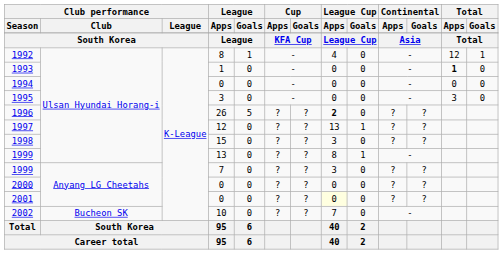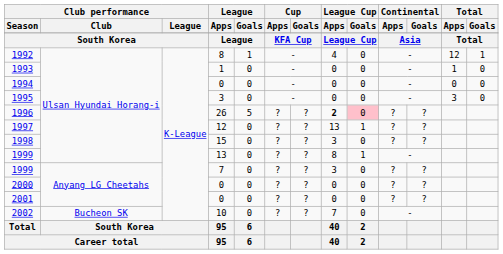 <table class="wikitable" style="text-align:center">
 <tr>
 <th colspan=3>Club performance</th>
 <th colspan=2>League</th>
 <th colspan=2>Cup</th>
 <th colspan=2>League Cup</th>
 <th colspan=2>Continental</th>
 <th colspan=2>Total</th>
 </tr>
 <tr>
 <th>Season</th>
 <th>Club</th>
 <th>League</th>
 <th>Apps</th>
 <th>Goals</th>
 <th>Apps</th>
 <th>Goals</th>
 <th>Apps</th>
 <th>Goals</th>
 <th>Apps</th>
 <th>Goals</th>
 <th>Apps</th>
 <th>Goals</th>
 </tr>
 <tr>
 </tr>
 <tr>
 <th colspan=3>South Korea</th>
 <th colspan=2>League</th>
 <th colspan=2><a href='#'>KFA Cup</a></th>
 <th colspan=2><a href='#'>League Cup</a></th>
 <th colspan=2><a href='#'>Asia</a></th>
 <th colspan=2>Total</th>
 </tr>
 <tr>
 <td><a href='#'>1992</a></td>
 <td rowspan="8"><a href='#'>Ulsan Hyundai Horang-i</a></td>
 <td rowspan="12"><a href='#'>K-League</a></td>
 <td>8</td>
 <td>1</td>
 <td colspan="2">-</td>
 <td>4</td>
 <td>0</td>
 <td colspan="2">-</td>
 <td>12</td>
 <td>1</td>
 </tr>
 <tr>
 <td><a href='#'>1993</a></td>
 <td>1</td>
 <td>0</td>
 <td colspan="2">-</td>
 <td>0</td>
 <td>0</td>
 <td colspan="2">-</td>
-<td><strong>1</strong></td>
+<td>1</td>
 <td>0</td>
 </tr>
 <tr>
 <td><a href='#'>1994</a></td>
 <td>0</td>
 <td>0</td>
 <td colspan="2">-</td>
 <td>0</td>
 <td>0</td>
 <td colspan="2">-</td>
 <td>0</td>
 <td>0</td>
 </tr>
 <tr>
 <td><a href='#'>1995</a></td>
 <td>3</td>
 <td>0</td>
 <td colspan="2">-</td>
 <td>0</td>
 <td>0</td>
 <td colspan="2">-</td>
 <td>3</td>
 <td>0</td>
 </tr>
 <tr>
 <td><a href='#'>1996</a></td>
 <td>26</td>
 <td>5</td>
 <td>?</td>
 <td>?</td>
 <td><strong>2</strong></td>
-<td>0</td>
+<td style="background: pink;">0</td>
 <td>?</td>
 <td>?</td>
 <td></td>
 <td></td>
 </tr>
 <tr>
 <td><a href='#'>1997</a></td>
 <td>12</td>
 <td>0</td>
 <td>?</td>
 <td>?</td>
 <td>13</td>
 <td>1</td>
 <td>?</td>
 <td>?</td>
 <td></td>
 <td></td>
 </tr>
 <tr>
 <td><a href='#'>1998</a></td>
 <td>15</td>
 <td>0</td>
 <td>?</td>
 <td>?</td>
 <td>3</td>
 <td>0</td>
 <td>?</td>
 <td>?</td>
 <td></td>
 <td></td>
 </tr>
 <tr>
 <td><a href='#'>1999</a></td>
 <td>13</td>
 <td>0</td>
 <td>?</td>
 <td>?</td>
 <td>8</td>
 <td>1</td>
 <td colspan="2">-</td>
 <td></td>
 <td></td>
 </tr>
 <tr>
 <td><a href='#'>1999</a></td>
 <td rowspan="3"><a href='#'>Anyang LG Cheetahs</a></td>
 <td>7</td>
 <td>0</td>
 <td>?</td>
 <td>?</td>
 <td>3</td>
 <td>0</td>
 <td>?</td>
 <td>?</td>
 <td></td>
 <td></td>
 </tr>
 <tr>
 <td><a href='#'>2000</a></td>
 <td>0</td>
 <td>0</td>
 <td>?</td>
 <td>?</td>
 <td>0</td>
 <td>0</td>
 <td>?</td>
 <td>?</td>
 <td></td>
 <td></td>
 </tr>
 <tr>
 <td><a href='#'>2001</a></td>
 <td>0</td>
 <td>0</td>
 <td>?</td>
 <td>?</td>
-<td style="background: lightyellow;">0</td>
+<td>0</td>
 <td>0</td>
 <td>?</td>
 <td>?</td>
 <td></td>
 <td></td>
 </tr>
 <tr>
 <td><a href='#'>2002</a></td>
 <td><a href='#'>Bucheon SK</a></td>
 <td>10</td>
 <td>0</td>
 <td>?</td>
 <td>?</td>
 <td>7</td>
 <td>0</td>
 <td colspan="2">-</td>
 <td></td>
 <td></td>
 </tr>
 <tr>
 <th rowspan=1>Total</th>
 <th colspan=2>South Korea</th>
 <th>95</th>
 <th>6</th>
 <th></th>
 <th></th>
 <th>40</th>
 <th>2</th>
 <th></th>
 <th></th>
 <th></th>
 <th></th>
 </tr>
 <tr>
 <th colspan=3>Career total</th>
 <th>95</th>
 <th>6</th>
 <th></th>
 <th></th>
 <th>40</th>
 <th>2</th>
 <th></th>
 <th></th>
 <th></th>
 <th></th>
 </tr>
 </table>
